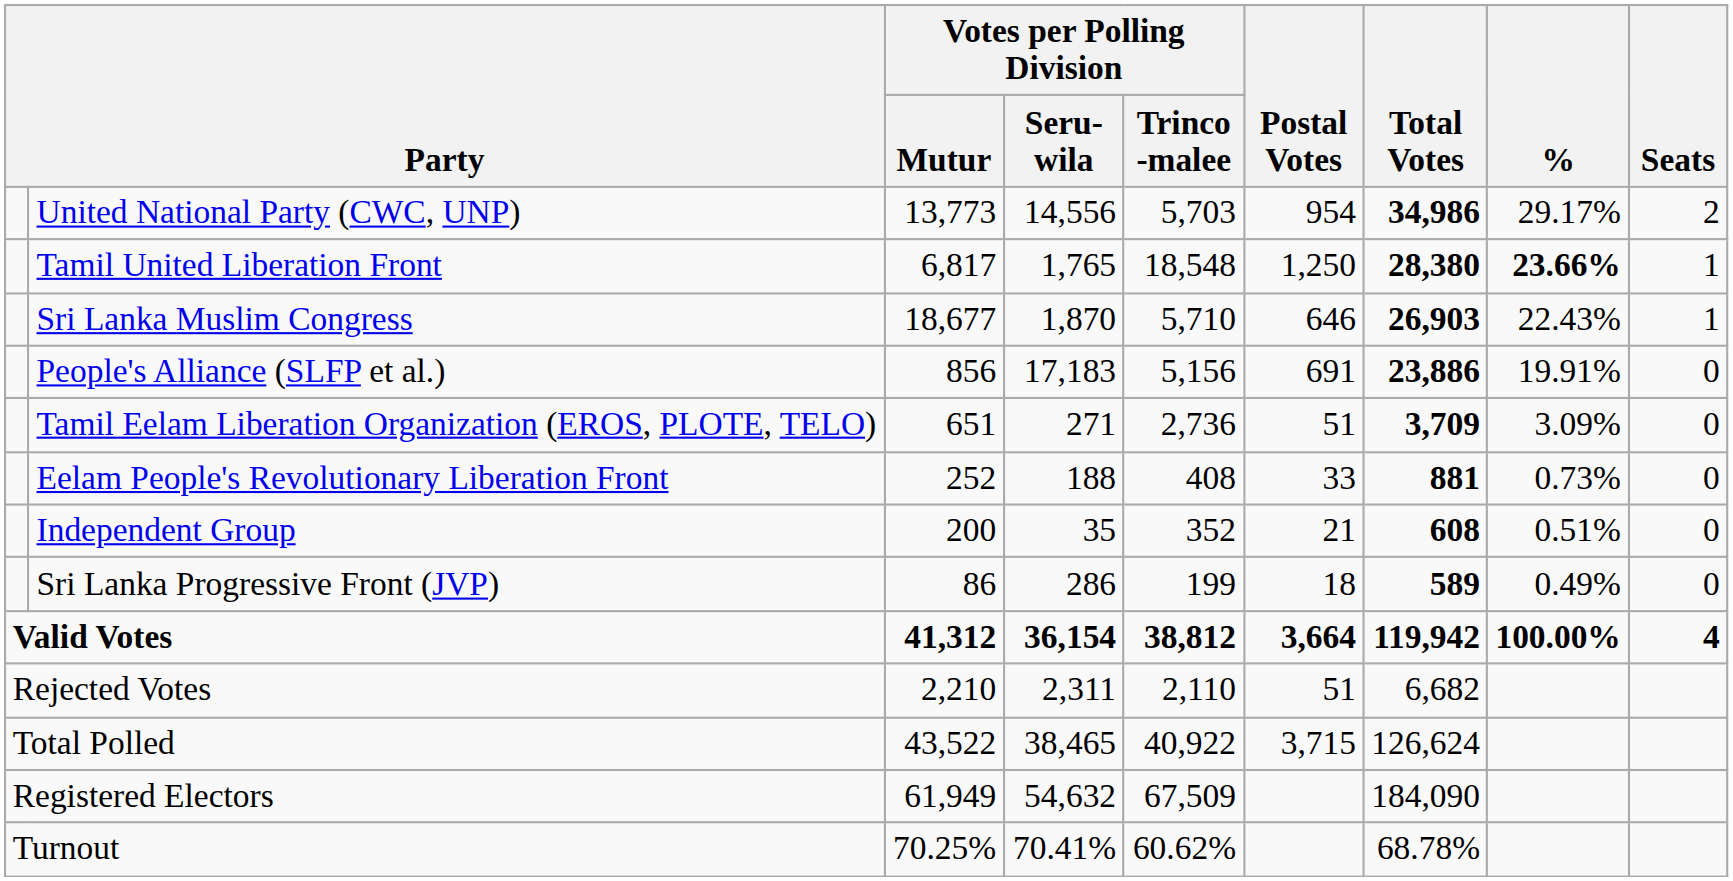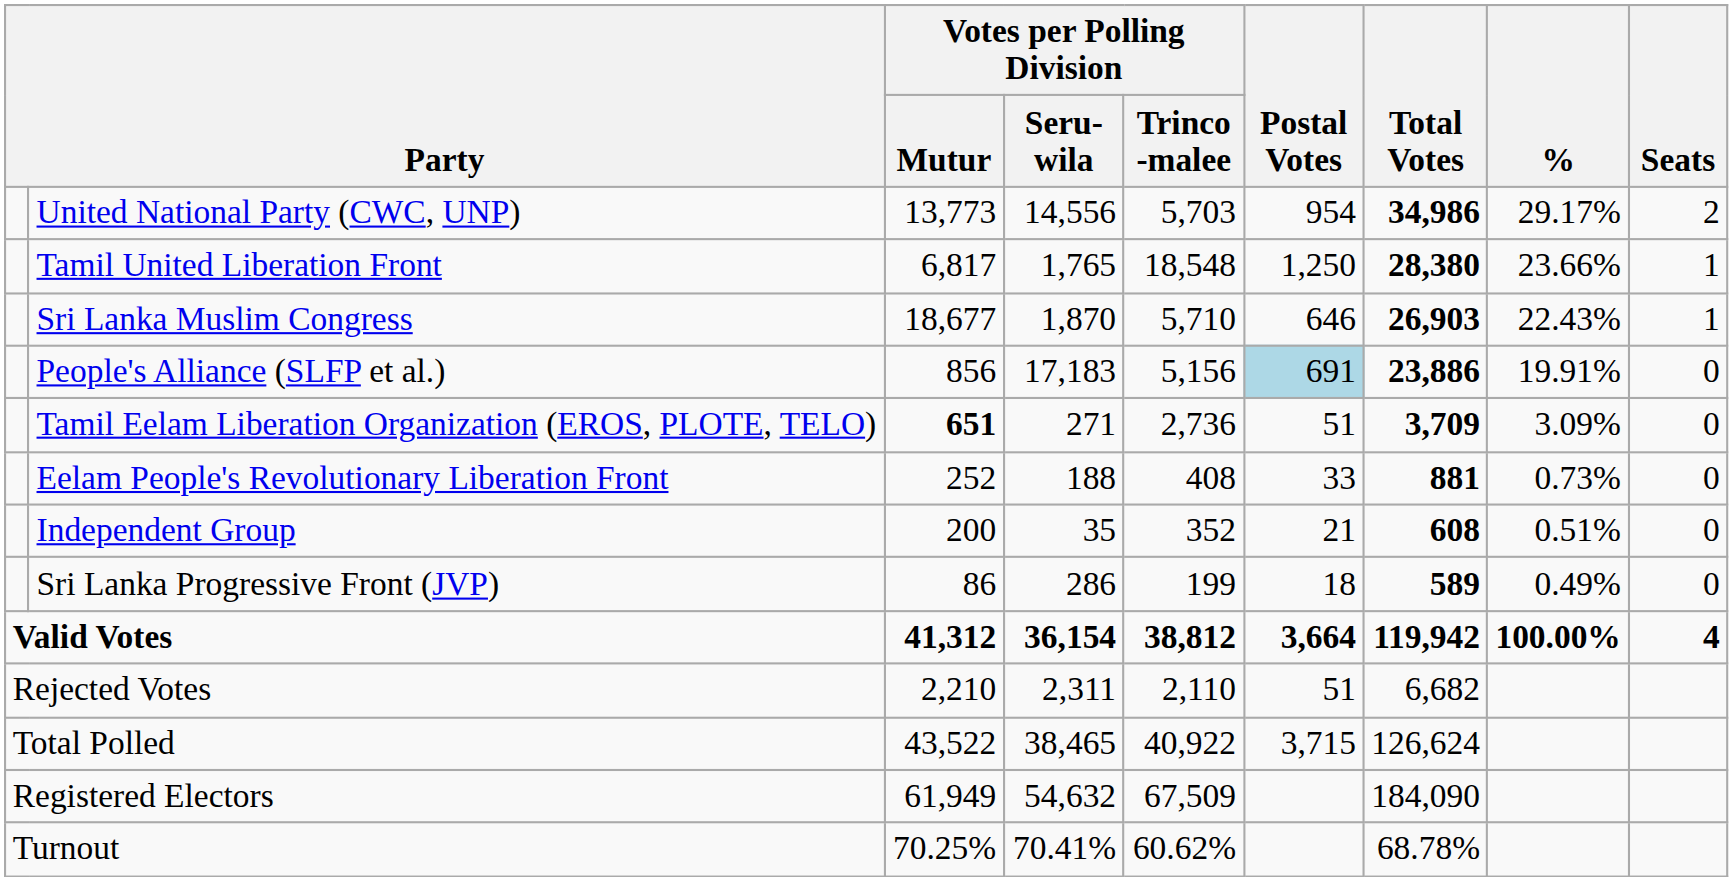 <table class="wikitable" border="1" style="text-align:right;">
 <tr>
 <th align=left valign=bottom rowspan=2 colspan=2>Party</th>
 <th colspan=3>Votes per Polling Division</th>
 <th align=center valign=bottom rowspan=2 width="50">Postal<br>Votes</th>
 <th align=center valign=bottom rowspan=2 width="50">Total Votes</th>
 <th align=center valign=bottom rowspan=2 width="50">%</th>
 <th align=center valign=bottom rowspan=2 width="40">Seats</th>
 </tr>
 <tr>
 <th align=center valign=bottom width="50">Mutur</th>
 <th align=center valign=bottom width="50">Seru-<br>wila</th>
 <th align=center valign=bottom width="50">Trinco<br>-malee</th>
 </tr>
 <tr>
 <td bgcolor=> </td>
 <td align=left><a href='#'>United National Party</a> (<a href='#'>CWC</a>, <a href='#'>UNP</a>)</td>
 <td>13,773</td>
 <td>14,556</td>
 <td>5,703</td>
 <td>954</td>
 <td><strong>34,986</strong></td>
 <td>29.17%</td>
 <td>2</td>
 </tr>
 <tr>
 <td bgcolor=> </td>
 <td align=left><a href='#'>Tamil United Liberation Front</a></td>
 <td>6,817</td>
 <td>1,765</td>
 <td>18,548</td>
 <td>1,250</td>
 <td><strong>28,380</strong></td>
-<td><strong>23.66%</strong></td>
+<td>23.66%</td>
 <td>1</td>
 </tr>
 <tr>
 <td bgcolor=> </td>
 <td align=left><a href='#'>Sri Lanka Muslim Congress</a></td>
 <td>18,677</td>
 <td>1,870</td>
 <td>5,710</td>
 <td>646</td>
 <td><strong>26,903</strong></td>
 <td>22.43%</td>
 <td>1</td>
 </tr>
 <tr>
 <td bgcolor=> </td>
 <td align=left><a href='#'>People's Alliance</a> (<a href='#'>SLFP</a> et al.)</td>
 <td>856</td>
 <td>17,183</td>
 <td>5,156</td>
-<td>691</td>
+<td style="background: lightblue;">691</td>
 <td><strong>23,886</strong></td>
 <td>19.91%</td>
 <td>0</td>
 </tr>
 <tr>
 <td bgcolor=> </td>
 <td align=left><a href='#'>Tamil Eelam Liberation Organization</a> (<a href='#'>EROS</a>, <a href='#'>PLOTE</a>, <a href='#'>TELO</a>)</td>
-<td>651</td>
+<td><strong>651</strong></td>
 <td>271</td>
 <td>2,736</td>
 <td>51</td>
 <td><strong>3,709</strong></td>
 <td>3.09%</td>
 <td>0</td>
 </tr>
 <tr>
 <td bgcolor=> </td>
 <td align=left><a href='#'>Eelam People's Revolutionary Liberation Front</a></td>
 <td>252</td>
 <td>188</td>
 <td>408</td>
 <td>33</td>
 <td><strong>881</strong></td>
 <td>0.73%</td>
 <td>0</td>
 </tr>
 <tr>
 <td bgcolor=> </td>
 <td align=left><a href='#'>Independent Group</a></td>
 <td>200</td>
 <td>35</td>
 <td>352</td>
 <td>21</td>
 <td><strong>608</strong></td>
 <td>0.51%</td>
 <td>0</td>
 </tr>
 <tr>
 <td bgcolor=> </td>
 <td align=left>Sri Lanka Progressive Front (<a href='#'>JVP</a>)</td>
 <td>86</td>
 <td>286</td>
 <td>199</td>
 <td>18</td>
 <td><strong>589</strong></td>
 <td>0.49%</td>
 <td>0</td>
 </tr>
 <tr>
 <td align=left colspan=2><strong>Valid Votes</strong></td>
 <td><strong>41,312</strong></td>
 <td><strong>36,154</strong></td>
 <td><strong>38,812</strong></td>
 <td><strong>3,664</strong></td>
 <td><strong>119,942</strong></td>
 <td><strong>100.00%</strong></td>
 <td><strong>4</strong></td>
 </tr>
 <tr>
 <td align=left colspan=2>Rejected Votes</td>
 <td>2,210</td>
 <td>2,311</td>
 <td>2,110</td>
 <td>51</td>
 <td>6,682</td>
 <td></td>
 <td></td>
 </tr>
 <tr>
 <td align=left colspan=2>Total Polled</td>
 <td>43,522</td>
 <td>38,465</td>
 <td>40,922</td>
 <td>3,715</td>
 <td>126,624</td>
 <td></td>
 <td></td>
 </tr>
 <tr>
 <td align=left colspan=2>Registered Electors</td>
 <td>61,949</td>
 <td>54,632</td>
 <td>67,509</td>
 <td></td>
 <td>184,090</td>
 <td></td>
 <td></td>
 </tr>
 <tr>
 <td align=left colspan=2>Turnout</td>
 <td>70.25%</td>
 <td>70.41%</td>
 <td>60.62%</td>
 <td></td>
 <td>68.78%</td>
 <td></td>
 <td></td>
 </tr>
 </table>
